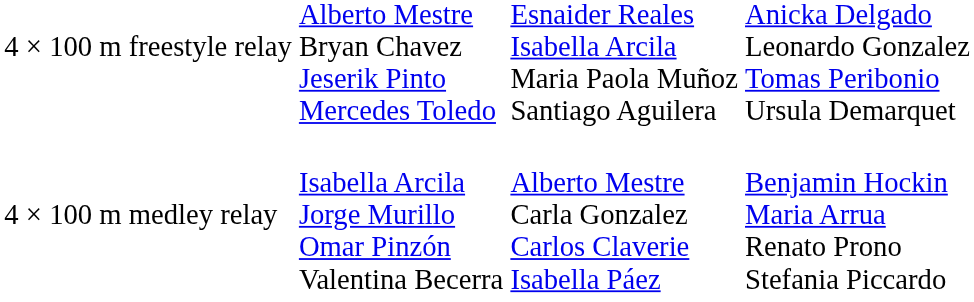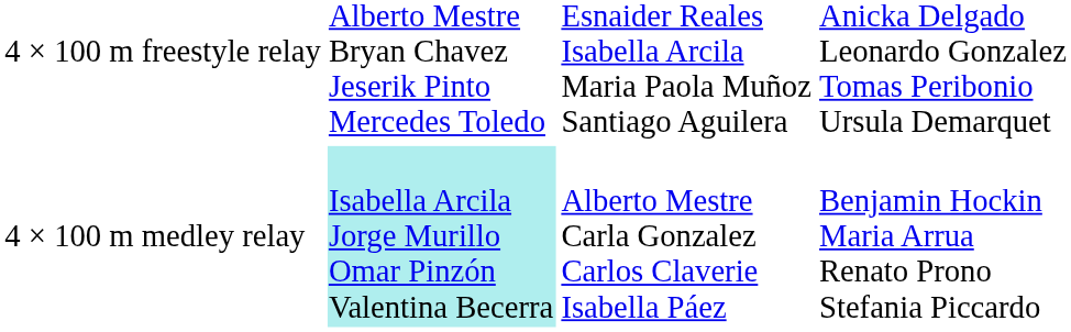 <table>
 <tr>
 <td>4 × 100 m freestyle relay</td>
 <td><br><a href='#'>Alberto Mestre</a><br>Bryan Chavez<br><a href='#'>Jeserik Pinto</a><br><a href='#'>Mercedes Toledo</a></td>
 <td nowrap><br><a href='#'>Esnaider Reales</a><br><a href='#'>Isabella Arcila</a><br>Maria Paola Muñoz<br>Santiago Aguilera</td>
 <td nowrap><br><a href='#'>Anicka Delgado</a><br>Leonardo Gonzalez<br><a href='#'>Tomas Peribonio</a><br>Ursula Demarquet</td>
 </tr>
 <tr>
 <td>4 × 100 m medley relay</td>
-<td nowrap><br><a href='#'>Isabella Arcila</a><br><a href='#'>Jorge Murillo</a><br><a href='#'>Omar Pinzón</a><br>Valentina Becerra</td>
+<td nowrap style="background: paleturquoise;"><br><a href='#'>Isabella Arcila</a><br><a href='#'>Jorge Murillo</a><br><a href='#'>Omar Pinzón</a><br>Valentina Becerra</td>
 <td><br><a href='#'>Alberto Mestre</a><br>Carla Gonzalez<br><a href='#'>Carlos Claverie</a><br><a href='#'>Isabella Páez</a></td>
 <td><br><a href='#'>Benjamin Hockin</a><br><a href='#'>Maria Arrua</a><br>Renato Prono<br>Stefania Piccardo</td>
 </tr>
 </table>
